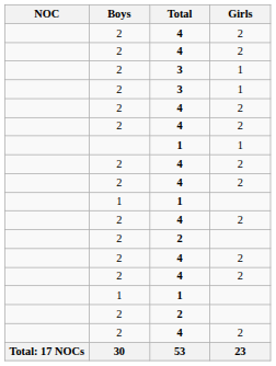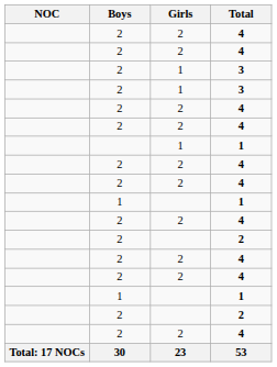 <table class="wikitable collapsible sortable"  style="text-align:center; font-size:90%;">
 <tr>
 <th style="text-align:center; width:100px;"><strong>NOC</strong></th>
 <th width=70><strong>Boys</strong></th>
+<th width=70><strong>Girls</strong></th>
 <th width=70><strong>Total</strong></th>
-<th width=70><strong>Girls</strong></th>
 </tr>
 <tr>
 <td style="text-align:left;"></td>
 <td>2</td>
+<td>2</td>
 <td><strong>4</strong></td>
-<td>2</td>
 </tr>
 <tr>
 <td style="text-align:left;"></td>
 <td>2</td>
+<td>2</td>
 <td><strong>4</strong></td>
-<td>2</td>
 </tr>
 <tr>
 <td style="text-align:left;"></td>
 <td>2</td>
+<td>1</td>
 <td><strong>3</strong></td>
-<td>1</td>
 </tr>
 <tr>
 <td style="text-align:left;"></td>
 <td>2</td>
+<td>1</td>
 <td><strong>3</strong></td>
-<td>1</td>
 </tr>
 <tr>
 <td style="text-align:left;"></td>
 <td>2</td>
+<td>2</td>
 <td><strong>4</strong></td>
-<td>2</td>
 </tr>
 <tr>
 <td style="text-align:left;"></td>
 <td>2</td>
+<td>2</td>
 <td><strong>4</strong></td>
-<td>2</td>
 </tr>
 <tr>
 <td style="text-align:left;"></td>
 <td></td>
+<td>1</td>
 <td><strong>1</strong></td>
-<td>1</td>
 </tr>
 <tr>
 <td style="text-align:left;"></td>
 <td>2</td>
+<td>2</td>
 <td><strong>4</strong></td>
-<td>2</td>
 </tr>
 <tr>
 <td style="text-align:left;"></td>
 <td>2</td>
+<td>2</td>
 <td><strong>4</strong></td>
-<td>2</td>
 </tr>
 <tr>
 <td style="text-align:left;"></td>
 <td>1</td>
+<td></td>
 <td><strong>1</strong></td>
-<td></td>
 </tr>
 <tr>
 <td style="text-align:left;"></td>
 <td>2</td>
+<td>2</td>
 <td><strong>4</strong></td>
-<td>2</td>
 </tr>
 <tr>
 <td style="text-align:left;"></td>
 <td>2</td>
+<td></td>
 <td><strong>2</strong></td>
-<td></td>
 </tr>
 <tr>
 <td style="text-align:left;"></td>
 <td>2</td>
+<td>2</td>
 <td><strong>4</strong></td>
-<td>2</td>
 </tr>
 <tr>
 <td style="text-align:left;"></td>
 <td>2</td>
+<td>2</td>
 <td><strong>4</strong></td>
-<td>2</td>
 </tr>
 <tr>
 <td style="text-align:left;"></td>
 <td>1</td>
+<td></td>
 <td><strong>1</strong></td>
-<td></td>
 </tr>
 <tr>
 <td style="text-align:left;"></td>
 <td>2</td>
+<td></td>
 <td><strong>2</strong></td>
-<td></td>
 </tr>
 <tr>
 <td style="text-align:left;"></td>
 <td>2</td>
+<td>2</td>
 <td><strong>4</strong></td>
-<td>2</td>
 </tr>
 <tr>
 <th>Total: 17 NOCs</th>
 <th>30</th>
+<th>23</th>
 <th>53</th>
-<th>23</th>
 </tr>
 </table>
